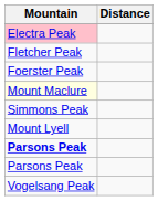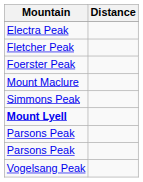 <table class="wikitable sortable">
 <tr>
 <th>Mountain</th>
 <th>Distance</th>
 </tr>
 <tr class="sorttop">
 </tr>
 <tr>
-<td style="background: pink;"><a href='#'>Electra Peak</a></td>
+<td><a href='#'>Electra Peak</a></td>
 <td></td>
 </tr>
 <tr>
 <td><a href='#'>Fletcher Peak</a></td>
 <td></td>
 </tr>
 <tr>
 <td><a href='#'>Foerster Peak</a></td>
 <td></td>
 </tr>
 <tr>
-<td style="background: lightyellow;"><a href='#'>Mount Maclure</a></td>
+<td><a href='#'>Mount Maclure</a></td>
 <td></td>
 </tr>
 <tr>
 <td><a href='#'>Simmons Peak</a></td>
 <td></td>
 </tr>
 <tr>
-<td><a href='#'>Mount Lyell</a></td>
+<td><strong><a href='#'>Mount Lyell</a></strong></td>
 <td></td>
 </tr>
 <tr>
-<td><strong><a href='#'>Parsons Peak</a></strong></td>
+<td><a href='#'>Parsons Peak</a></td>
 <td></td>
 </tr>
 <tr>
 <td><a href='#'>Parsons Peak</a></td>
 <td></td>
 </tr>
 <tr>
 <td><a href='#'>Vogelsang Peak</a></td>
 <td></td>
 </tr>
 </table>
